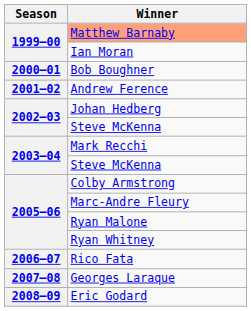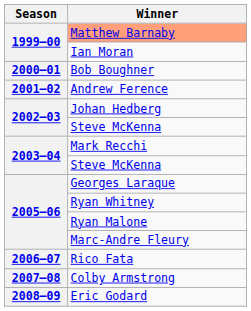 <table class="wikitable">
 <tr>
 <th scope="col" style="width:5em">Season</th>
 <th scope="col" style="width:15em">Winner</th>
 </tr>
 <tr>
 <th scope="row" rowspan="2"><a href='#'>1999–00</a></th>
 <td style="background: lightsalmon;"><a href='#'>Matthew Barnaby</a></td>
 </tr>
 <tr>
 <td><a href='#'>Ian Moran</a></td>
 </tr>
 <tr>
 <th scope="row"><a href='#'>2000–01</a></th>
 <td><a href='#'>Bob Boughner</a></td>
 </tr>
 <tr>
 <th scope="row"><a href='#'>2001–02</a></th>
 <td><a href='#'>Andrew Ference</a></td>
 </tr>
 <tr>
 <th scope="row" rowspan="2"><a href='#'>2002–03</a></th>
 <td><a href='#'>Johan Hedberg</a></td>
 </tr>
 <tr>
 <td><a href='#'>Steve McKenna</a></td>
 </tr>
 <tr>
 <th scope="row" rowspan="2"><a href='#'>2003–04</a></th>
 <td><a href='#'>Mark Recchi</a></td>
 </tr>
 <tr>
 <td><a href='#'>Steve McKenna</a></td>
 </tr>
 <tr>
 <th scope="row" rowspan="4"><a href='#'>2005–06</a></th>
-<td><a href='#'>Colby Armstrong</a></td>
+<td><a href='#'>Georges Laraque</a></td>
 </tr>
 <tr>
-<td><a href='#'>Marc-Andre Fleury</a></td>
+<td><a href='#'>Ryan Whitney</a></td>
 </tr>
 <tr>
 <td><a href='#'>Ryan Malone</a></td>
 </tr>
 <tr>
-<td><a href='#'>Ryan Whitney</a></td>
+<td><a href='#'>Marc-Andre Fleury</a></td>
 </tr>
 <tr>
 <th scope="row"><a href='#'>2006–07</a></th>
 <td><a href='#'>Rico Fata</a></td>
 </tr>
 <tr>
 <th scope="row"><a href='#'>2007–08</a></th>
-<td><a href='#'>Georges Laraque</a></td>
+<td><a href='#'>Colby Armstrong</a></td>
 </tr>
 <tr>
 <th scope="row"><a href='#'>2008–09</a></th>
 <td><a href='#'>Eric Godard</a></td>
 </tr>
 </table>
